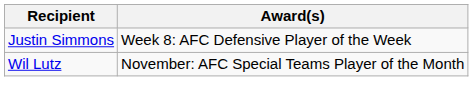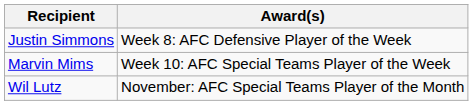 <table class="wikitable">
 <tr>
 <th>Recipient</th>
 <th>Award(s)</th>
 </tr>
 <tr>
 <td><a href='#'>Justin Simmons</a></td>
 <td>Week 8: AFC Defensive Player of the Week</td>
 </tr>
 <tr>
+<td><a href='#'>Marvin Mims</a></td>
+<td>Week 10: AFC Special Teams Player of the Week</td>
+</tr>
+<tr>
 <td><a href='#'>Wil Lutz</a></td>
 <td>November: AFC Special Teams Player of the Month</td>
 </tr>
 </table>
